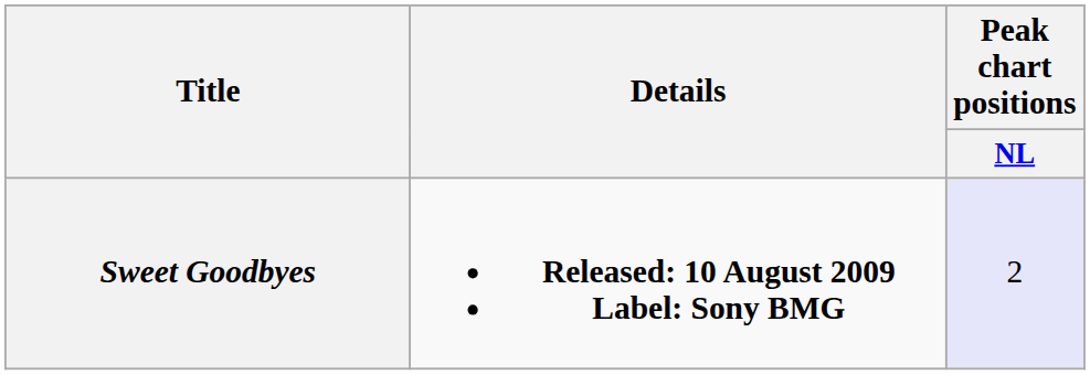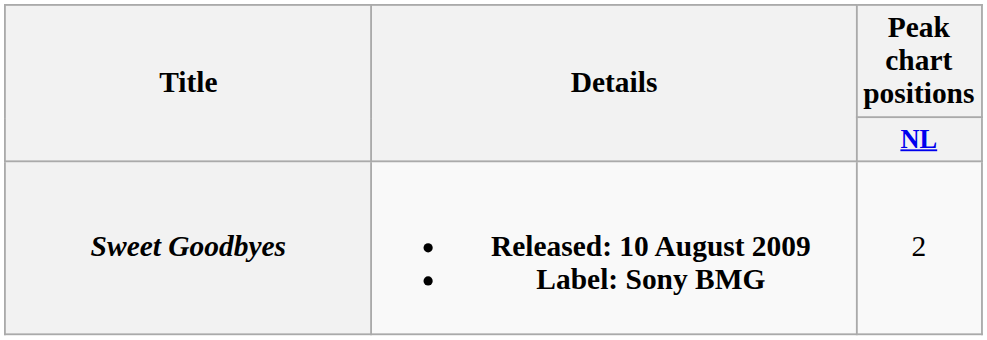 <table class="wikitable plainrowheaders" style="text-align:center;" border="1">
 <tr>
 <th scope="col" rowspan="2" style="width:12em;">Title</th>
 <th scope="col" rowspan="2" style="width:16em;">Details</th>
 <th scope="col" colspan="1">Peak chart positions</th>
 </tr>
 <tr>
 <th scope="col" style="width:3em;font-size:90%;"><a href='#'>NL</a><br></th>
 </tr>
 <tr>
 <th scope="row"><em>Sweet Goodbyes</em></th>
 <td><strong><br><ul><li>Released: 10 August 2009</li><li>Label: Sony BMG</li></ul></strong></td>
-<td style="background: lavender;">2</td>
+<td>2</td>
 </tr>
 </table>
